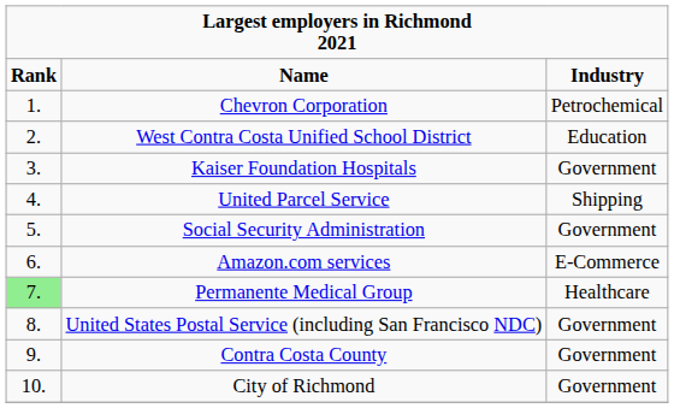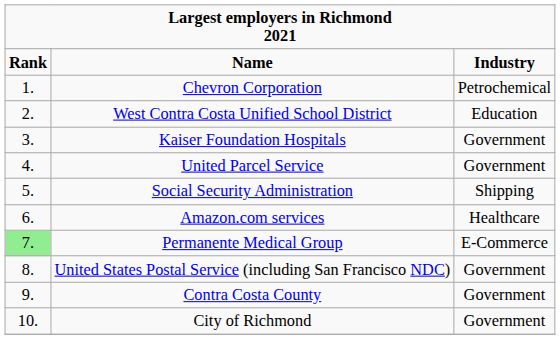 <table class="wikitable" style="float:right; margin-left:5px; text-size:90%; text-align:right">
 <tr>
 <td style="text-align:center;" colspan="3"><strong>Largest employers in Richmond<br>2021</strong></td>
 </tr>
 <tr style="text-align:center;">
 <td><strong>Rank</strong></td>
 <td style="text-align:center;"><strong>Name</strong></td>
 <td style="text-align:center;"><strong>Industry</strong></td>
 </tr>
 <tr style="text-align:center;">
 <td>1.</td>
 <td style="text-align:center;"><a href='#'>Chevron Corporation</a></td>
 <td style="text-align:center;">Petrochemical</td>
 </tr>
 <tr style="text-align:center;">
 <td>2.</td>
 <td style="text-align:center;"><a href='#'>West Contra Costa Unified School District</a></td>
 <td style="text-align:center;">Education</td>
 </tr>
 <tr style="text-align:center;">
 <td>3.</td>
 <td style="text-align:center;"><a href='#'>Kaiser Foundation Hospitals</a></td>
 <td style="text-align:center;">Government</td>
 </tr>
 <tr style="text-align:center;">
 <td>4.</td>
 <td style="text-align:center;"><a href='#'>United Parcel Service</a></td>
-<td style="text-align:center;">Shipping</td>
+<td style="text-align:center;">Government</td>
 </tr>
 <tr style="text-align:center;">
 <td>5.</td>
 <td style="text-align:center;"><a href='#'>Social Security Administration</a></td>
-<td style="text-align:center;">Government</td>
+<td style="text-align:center;">Shipping</td>
 </tr>
 <tr style="text-align:center;">
 <td>6.</td>
 <td style="text-align:center;"><a href='#'>Amazon.com services</a></td>
-<td style="text-align:center;">E-Commerce</td>
+<td style="text-align:center;">Healthcare</td>
 </tr>
 <tr style="text-align:center;">
 <td style="background: lightgreen;">7.</td>
 <td style="text-align:center;"><a href='#'>Permanente Medical Group</a></td>
-<td style="text-align:center;">Healthcare</td>
+<td style="text-align:center;">E-Commerce</td>
 </tr>
 <tr style="text-align:center;">
 <td>8.</td>
 <td style="text-align:center;"><a href='#'>United States Postal Service</a> (including San Francisco <a href='#'>NDC</a>)</td>
 <td style="text-align:center;">Government</td>
 </tr>
 <tr style="text-align:center;">
 <td>9.</td>
 <td style="text-align:center;"><a href='#'>Contra Costa County</a></td>
 <td style="text-align:center;">Government</td>
 </tr>
 <tr style="text-align:center;">
 <td>10.</td>
 <td style="text-align:center;">City of Richmond</td>
 <td style="text-align:center;">Government</td>
 </tr>
 <tr style="text-align:center;">
 </tr>
 </table>
